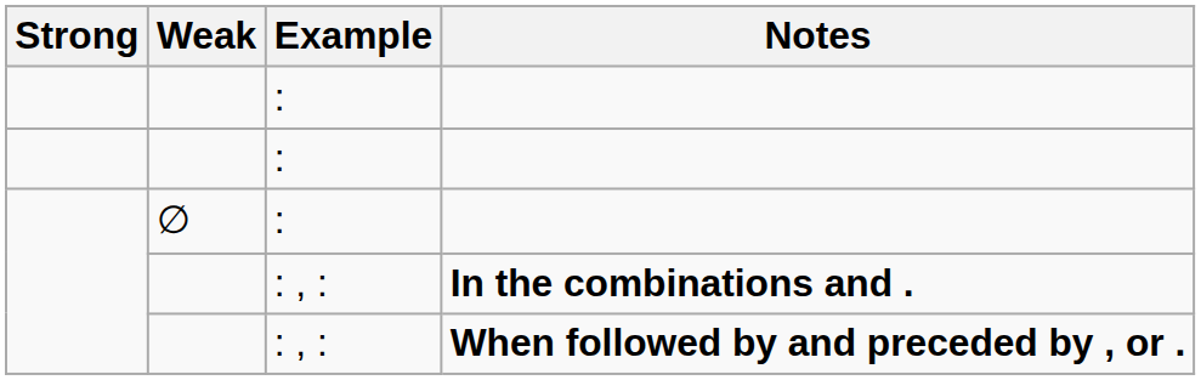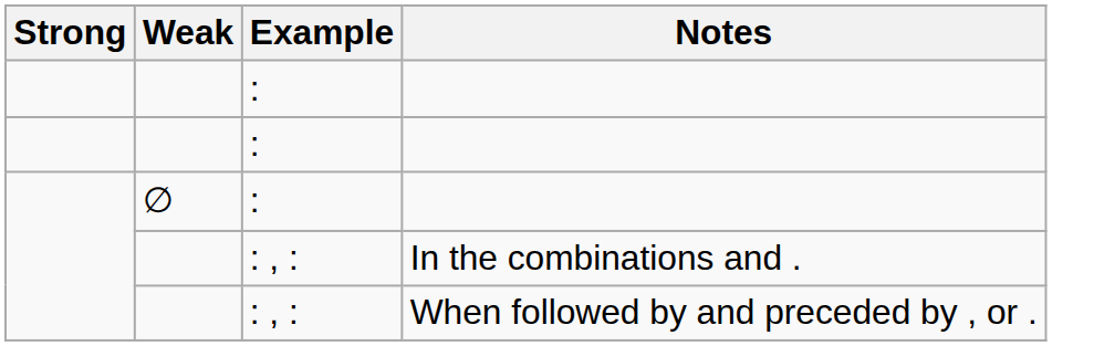 <table class="wikitable">
 <tr>
 <th>Strong</th>
 <th>Weak</th>
 <th>Example</th>
 <th>Notes</th>
 </tr>
 <tr>
 <td></td>
 <td></td>
 <td> : </td>
 <td></td>
 </tr>
 <tr>
 <td></td>
 <td></td>
 <td> : </td>
 <td></td>
 </tr>
 <tr>
 <td rowspan="3"></td>
 <td>∅</td>
 <td> : </td>
 <td></td>
 </tr>
 <tr>
 <td></td>
 <td> : ,  : </td>
-<td><strong>In the combinations  and .</strong></td>
+<td>In the combinations  and .</td>
 </tr>
 <tr>
 <td></td>
 <td> : ,  : </td>
-<td><strong>When followed by  and preceded by ,  or .</strong></td>
+<td>When followed by  and preceded by ,  or .</td>
 </tr>
 </table>
